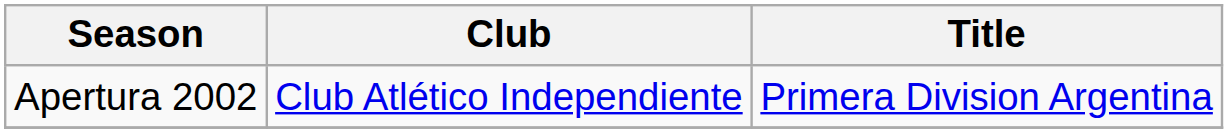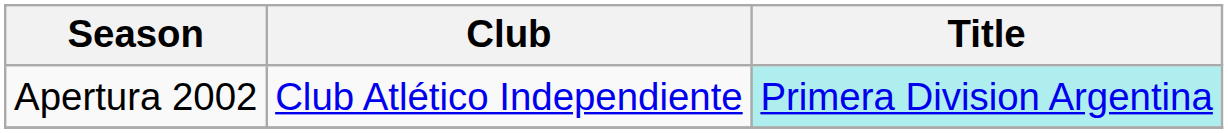 <table class="wikitable">
 <tr>
 <th>Season</th>
 <th>Club</th>
 <th>Title</th>
 </tr>
 <tr>
 <td>Apertura 2002</td>
 <td><a href='#'>Club Atlético Independiente</a></td>
-<td><a href='#'>Primera Division Argentina</a></td>
+<td style="background: paleturquoise;"><a href='#'>Primera Division Argentina</a></td>
 </tr>
 <tr>
 </tr>
 </table>
